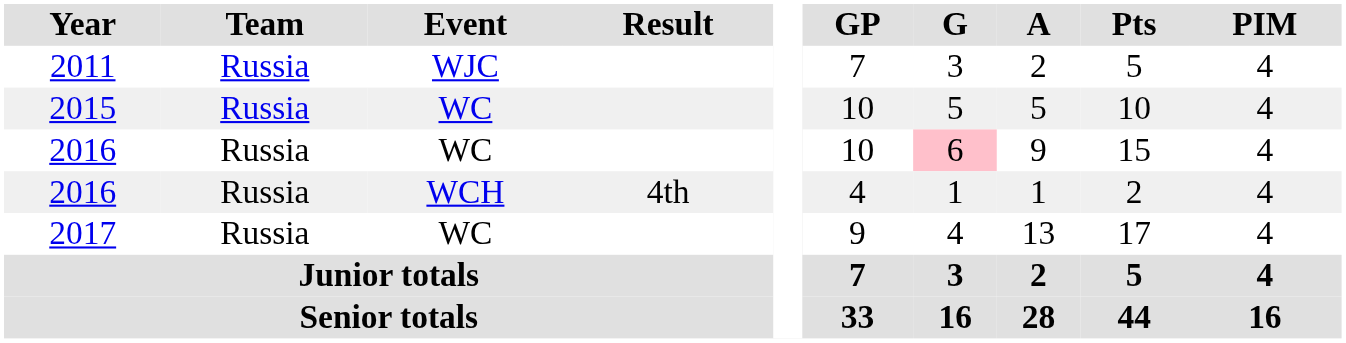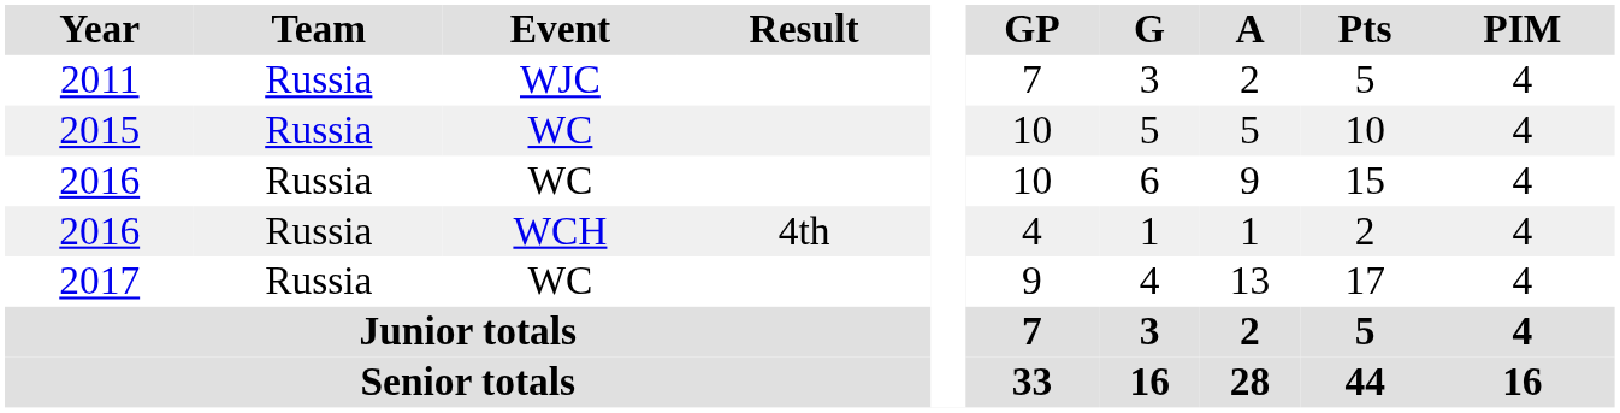 <table border="0" cellpadding="1" cellspacing="0" style="text-align:center; width:40em;">
 <tr bgcolor="#e0e0e0">
 <th>Year</th>
 <th>Team</th>
 <th>Event</th>
 <th>Result</th>
 <th rowspan="99" bgcolor="#ffffff"> </th>
 <th>GP</th>
 <th>G</th>
 <th>A</th>
 <th>Pts</th>
 <th>PIM</th>
 </tr>
 <tr>
 <td><a href='#'>2011</a></td>
 <td><a href='#'>Russia</a></td>
 <td><a href='#'>WJC</a></td>
 <td></td>
 <td>7</td>
 <td>3</td>
 <td>2</td>
 <td>5</td>
 <td>4</td>
 </tr>
 <tr bgcolor="#f0f0f0">
 <td><a href='#'>2015</a></td>
 <td><a href='#'>Russia</a></td>
 <td><a href='#'>WC</a></td>
 <td></td>
 <td>10</td>
 <td>5</td>
 <td>5</td>
 <td>10</td>
 <td>4</td>
 </tr>
 <tr>
 <td><a href='#'>2016</a></td>
 <td>Russia</td>
 <td>WC</td>
 <td></td>
 <td>10</td>
-<td style="background: pink;">6</td>
+<td>6</td>
 <td>9</td>
 <td>15</td>
 <td>4</td>
 </tr>
 <tr bgcolor="#f0f0f0">
 <td><a href='#'>2016</a></td>
 <td>Russia</td>
 <td><a href='#'>WCH</a></td>
 <td>4th</td>
 <td>4</td>
 <td>1</td>
 <td>1</td>
 <td>2</td>
 <td>4</td>
 </tr>
 <tr>
 <td><a href='#'>2017</a></td>
 <td>Russia</td>
 <td>WC</td>
 <td></td>
 <td>9</td>
 <td>4</td>
 <td>13</td>
 <td>17</td>
 <td>4</td>
 </tr>
 <tr bgcolor="#e0e0e0">
 <th colspan="4">Junior totals</th>
 <th>7</th>
 <th>3</th>
 <th>2</th>
 <th>5</th>
 <th>4</th>
 </tr>
 <tr bgcolor="#e0e0e0">
 <th colspan="4">Senior totals</th>
 <th>33</th>
 <th>16</th>
 <th>28</th>
 <th>44</th>
 <th>16</th>
 </tr>
 </table>
